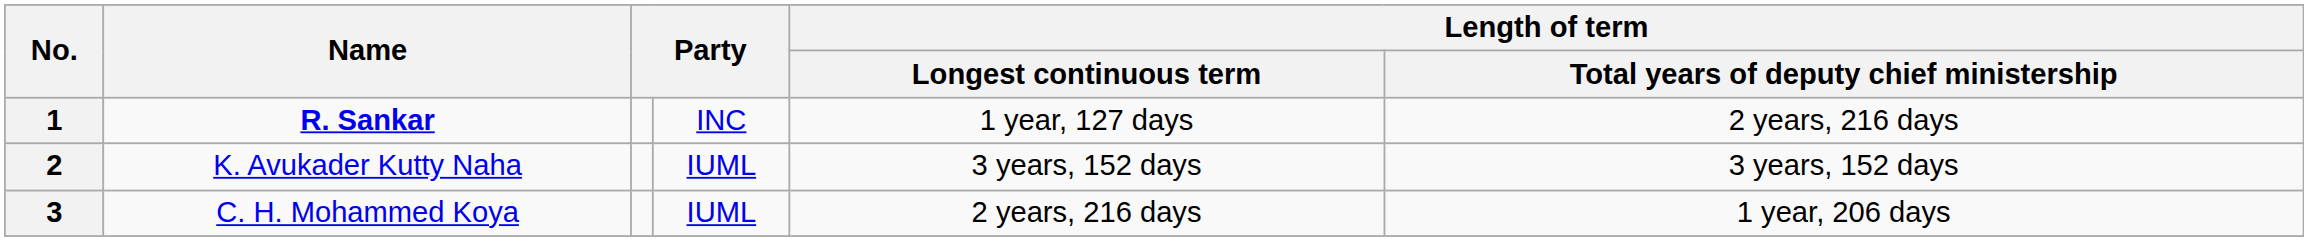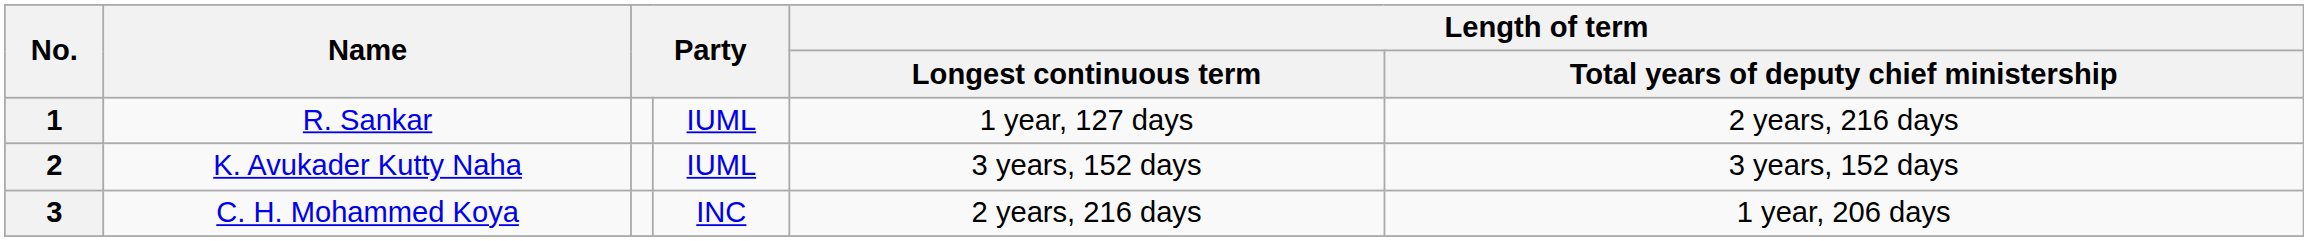 <table class="wikitable sortable" style="width:100%; text-align:center">
 <tr>
 <th rowspan=2>No.</th>
 <th rowspan=2>Name</th>
 <th rowspan=2 colspan=2>Party</th>
 <th colspan=2>Length of term</th>
 </tr>
 <tr>
 <th>Longest continuous term</th>
 <th>Total years of deputy chief ministership</th>
 </tr>
 <tr>
 <th>1</th>
-<td><strong><a href='#'>R. Sankar</a></strong></td>
+<td><a href='#'>R. Sankar</a></td>
 <td style="background-color:"></td>
-<td><a href='#'>INC</a></td>
+<td><a href='#'>IUML</a></td>
 <td>1 year, 127 days</td>
 <td>2 years, 216 days</td>
 </tr>
 <tr>
 <th>2</th>
 <td><a href='#'>K. Avukader Kutty Naha</a></td>
 <td style="background-color:"></td>
 <td><a href='#'>IUML</a></td>
 <td>3 years, 152 days</td>
 <td>3 years, 152 days</td>
 </tr>
 <tr>
 <th>3</th>
 <td><a href='#'>C. H. Mohammed Koya</a></td>
 <td style="background-color:"></td>
-<td><a href='#'>IUML</a></td>
+<td><a href='#'>INC</a></td>
 <td>2 years, 216 days</td>
 <td>1 year, 206 days</td>
 </tr>
 </table>
